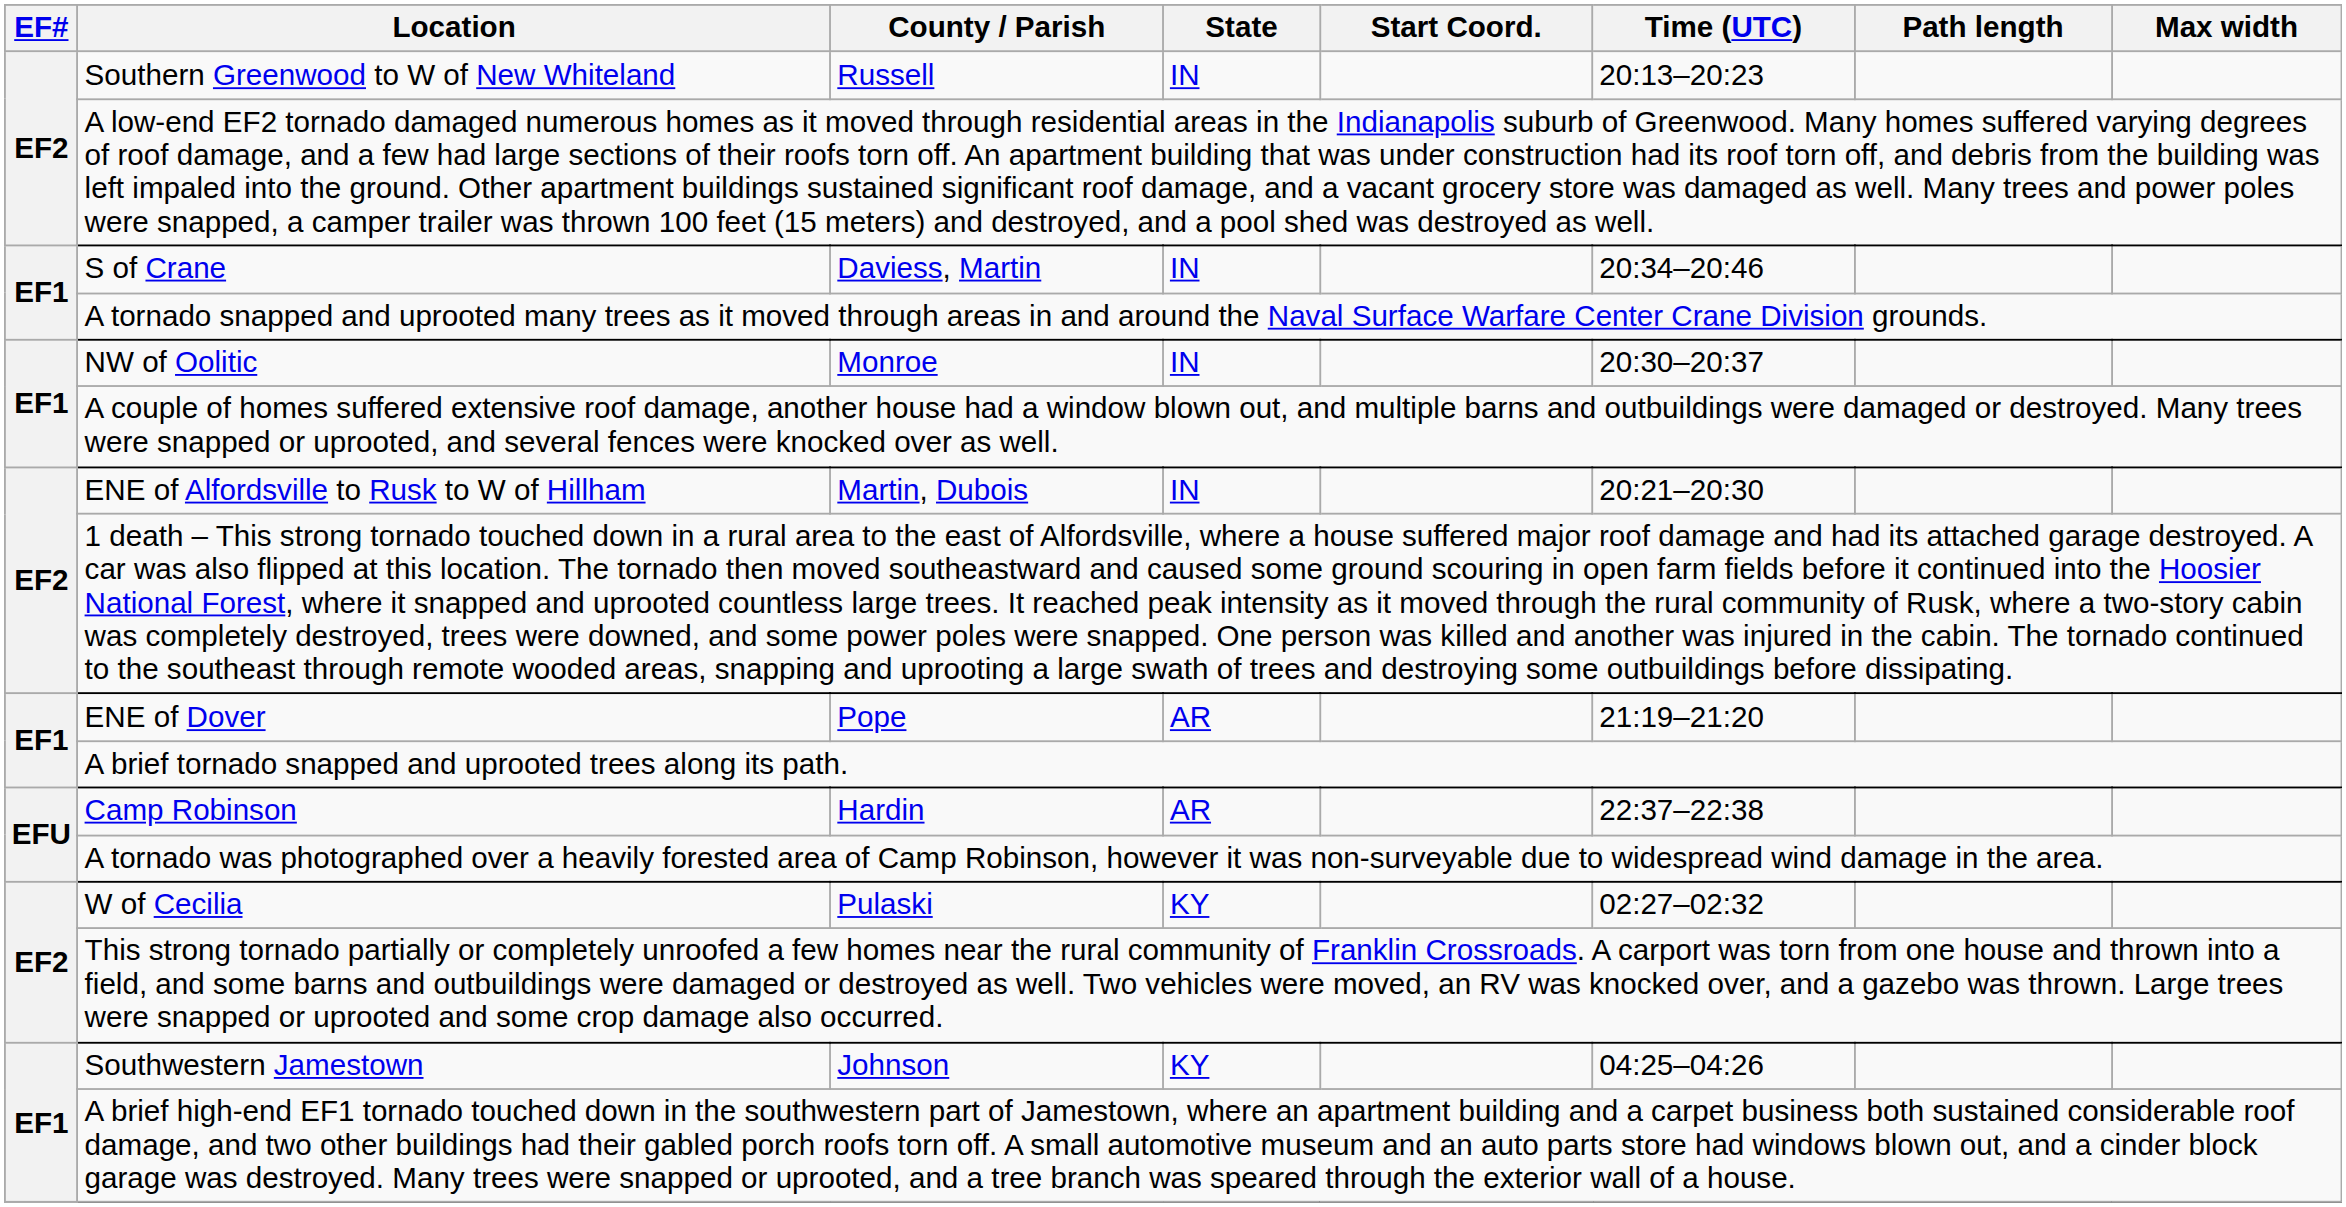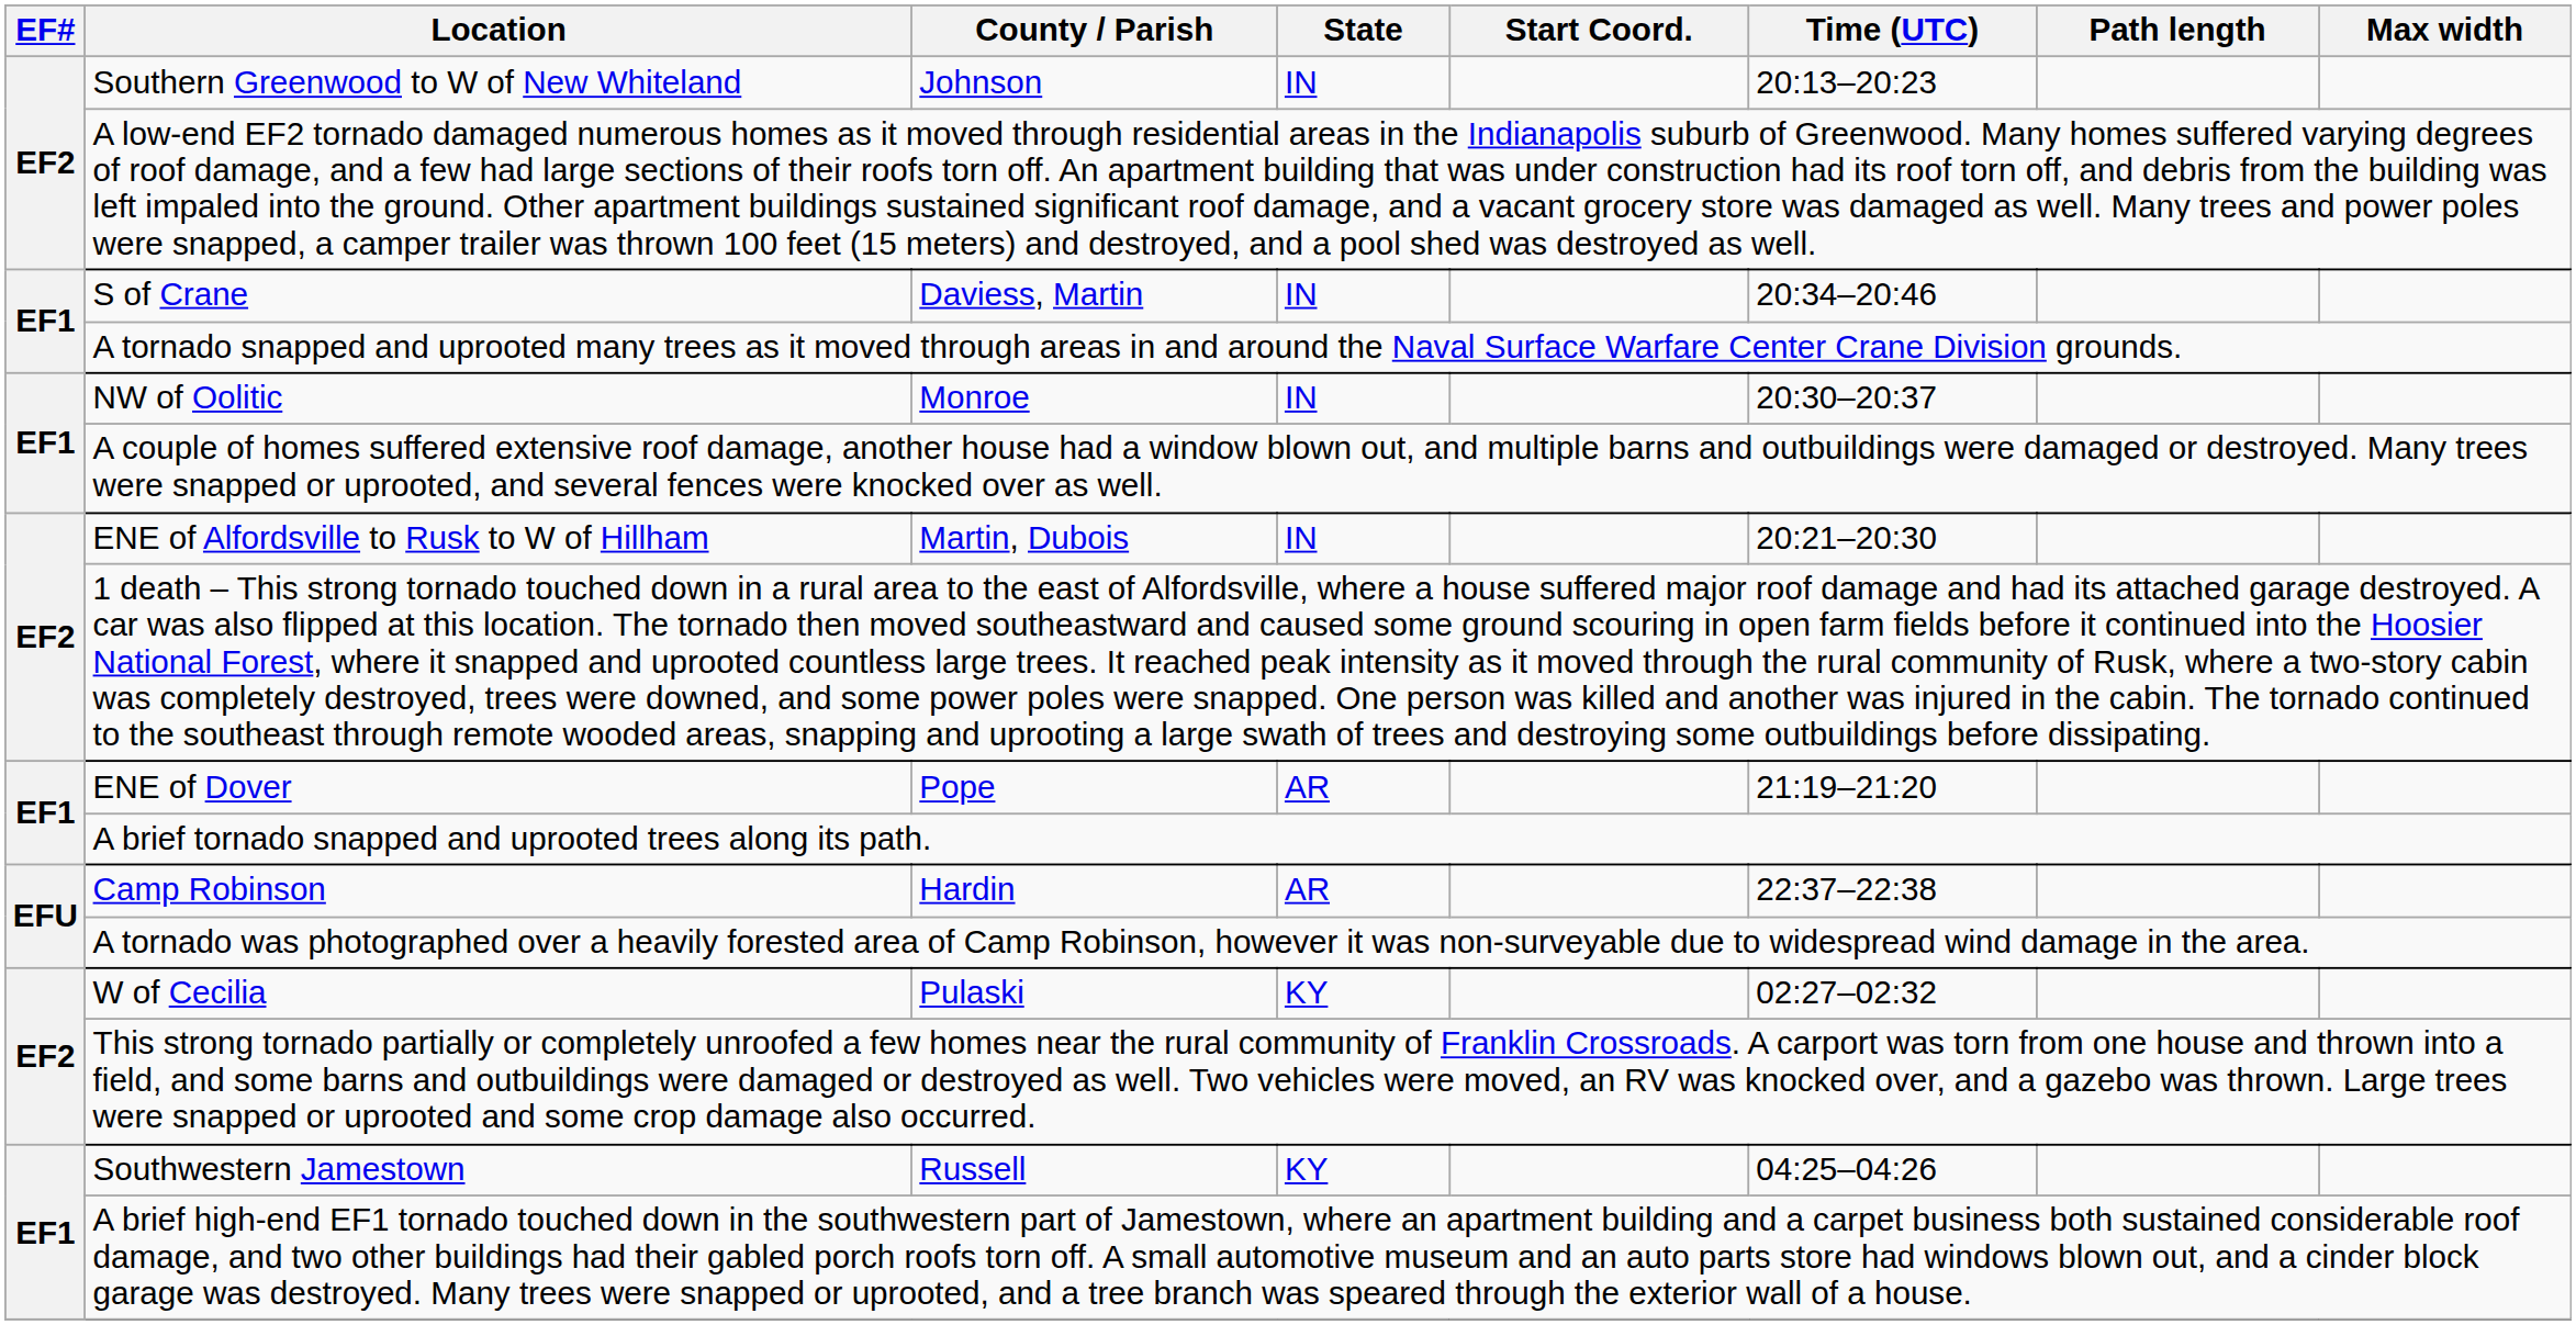 <table class="wikitable sortable" style="width:100%;">
 <tr>
 <th scope="col" width="2%" align="center"><a href='#'>EF#</a></th>
 <th scope="col" align="center" class="unsortable">Location</th>
 <th scope="col" align="center" class="unsortable">County / Parish</th>
 <th scope="col" align="center">State</th>
 <th scope="col" align="center">Start Coord.</th>
 <th scope="col" align="center">Time (<a href='#'>UTC</a>)</th>
 <th scope="col" align="center">Path length</th>
 <th scope="col" align="center">Max width</th>
 </tr>
 <tr>
 <th scope="row" rowspan="2" style="background-color:#">EF2</th>
 <td>Southern <a href='#'>Greenwood</a> to W of <a href='#'>New Whiteland</a></td>
-<td><a href='#'>Russell</a></td>
+<td><a href='#'>Johnson</a></td>
 <td><a href='#'>IN</a></td>
 <td></td>
 <td>20:13–20:23</td>
 <td></td>
 <td></td>
 </tr>
 <tr class="expand-child">
 <td colspan="8" style=" border-bottom: 1px solid black;">A low-end EF2 tornado damaged numerous homes as it moved through residential areas in the <a href='#'>Indianapolis</a> suburb of Greenwood. Many homes suffered varying degrees of roof damage, and a few had large sections of their roofs torn off. An apartment building that was under construction had its roof torn off, and debris from the building was left impaled into the ground. Other apartment buildings sustained significant roof damage, and a vacant grocery store was damaged as well. Many trees and power poles were snapped, a camper trailer was thrown 100 feet (15 meters) and destroyed, and a pool shed was destroyed as well.</td>
 </tr>
 <tr>
 <th scope="row" rowspan="2" style="background-color:#">EF1</th>
 <td>S of <a href='#'>Crane</a></td>
 <td><a href='#'>Daviess</a>, <a href='#'>Martin</a></td>
 <td><a href='#'>IN</a></td>
 <td></td>
 <td>20:34–20:46</td>
 <td></td>
 <td></td>
 </tr>
 <tr class="expand-child">
 <td colspan="8" style=" border-bottom: 1px solid black;">A tornado snapped and uprooted many trees as it moved through areas in and around the <a href='#'>Naval Surface Warfare Center Crane Division</a> grounds.</td>
 </tr>
 <tr>
 <th scope="row" rowspan="2" style="background-color:#">EF1</th>
 <td>NW of <a href='#'>Oolitic</a></td>
 <td><a href='#'>Monroe</a></td>
 <td><a href='#'>IN</a></td>
 <td></td>
 <td>20:30–20:37</td>
 <td></td>
 <td></td>
 </tr>
 <tr class="expand-child">
 <td colspan="8" style=" border-bottom: 1px solid black;">A couple of homes suffered extensive roof damage, another house had a window blown out, and multiple barns and outbuildings were damaged or destroyed. Many trees were snapped or uprooted, and several fences were knocked over as well.</td>
 </tr>
 <tr>
 <th scope="row" rowspan="2" style="background-color:#">EF2</th>
 <td>ENE of <a href='#'>Alfordsville</a> to <a href='#'>Rusk</a> to W of <a href='#'>Hillham</a></td>
 <td><a href='#'>Martin</a>, <a href='#'>Dubois</a></td>
 <td><a href='#'>IN</a></td>
 <td></td>
 <td>20:21–20:30</td>
 <td></td>
 <td></td>
 </tr>
 <tr class="expand-child">
 <td colspan="8" style=" border-bottom: 1px solid black;">1 death – This strong tornado touched down in a rural area to the east of Alfordsville, where a house suffered major roof damage and had its attached garage destroyed. A car was also flipped at this location. The tornado then moved southeastward and caused some ground scouring in open farm fields before it continued into the <a href='#'>Hoosier National Forest</a>, where it snapped and uprooted countless large trees. It reached peak intensity as it moved through the rural community of Rusk, where a two-story cabin was completely destroyed, trees were downed, and some power poles were snapped. One person was killed and another was injured in the cabin. The tornado continued to the southeast through remote wooded areas, snapping and uprooting a large swath of trees and destroying some outbuildings before dissipating.</td>
 </tr>
 <tr>
 <th scope="row" rowspan="2" style="background-color:#">EF1</th>
 <td>ENE of <a href='#'>Dover</a></td>
 <td><a href='#'>Pope</a></td>
 <td><a href='#'>AR</a></td>
 <td></td>
 <td>21:19–21:20</td>
 <td></td>
 <td></td>
 </tr>
 <tr class="expand-child">
 <td colspan="8" style=" border-bottom: 1px solid black;">A brief tornado snapped and uprooted trees along its path.</td>
 </tr>
 <tr>
 <th scope="row" rowspan="2" style="background-color:#">EFU</th>
 <td><a href='#'>Camp Robinson</a></td>
 <td><a href='#'>Hardin</a></td>
 <td><a href='#'>AR</a></td>
 <td></td>
 <td>22:37–22:38</td>
 <td></td>
 <td></td>
 </tr>
 <tr class="expand-child">
 <td colspan="8" style=" border-bottom: 1px solid black;">A tornado was photographed over a heavily forested area of Camp Robinson, however it was non-surveyable due to widespread wind damage in the area.</td>
 </tr>
 <tr>
 <th scope="row" rowspan="2" style="background-color:#">EF2</th>
 <td>W of <a href='#'>Cecilia</a></td>
 <td><a href='#'>Pulaski</a></td>
 <td><a href='#'>KY</a></td>
 <td></td>
 <td>02:27–02:32</td>
 <td></td>
 <td></td>
 </tr>
 <tr class="expand-child">
 <td colspan="8" style=" border-bottom: 1px solid black;">This strong tornado partially or completely unroofed a few homes near the rural community of <a href='#'>Franklin Crossroads</a>. A carport was torn from one house and thrown into a field, and some barns and outbuildings were damaged or destroyed as well. Two vehicles were moved, an RV was knocked over, and a gazebo was thrown. Large trees were snapped or uprooted and some crop damage also occurred.</td>
 </tr>
 <tr>
 <th scope="row" rowspan="2" style="background-color:#">EF1</th>
 <td>Southwestern <a href='#'>Jamestown</a></td>
-<td><a href='#'>Johnson</a></td>
+<td><a href='#'>Russell</a></td>
 <td><a href='#'>KY</a></td>
 <td></td>
 <td>04:25–04:26</td>
 <td></td>
 <td></td>
 </tr>
 <tr class="expand-child">
 <td colspan="8" style=" border-bottom: 1px solid black;">A brief high-end EF1 tornado touched down in the southwestern part of Jamestown, where an apartment building and a carpet business both sustained considerable roof damage, and two other buildings had their gabled porch roofs torn off. A small automotive museum and an auto parts store had windows blown out, and a cinder block garage was destroyed. Many trees were snapped or uprooted, and a tree branch was speared through the exterior wall of a house.</td>
 </tr>
 <tr>
 </tr>
 </table>
